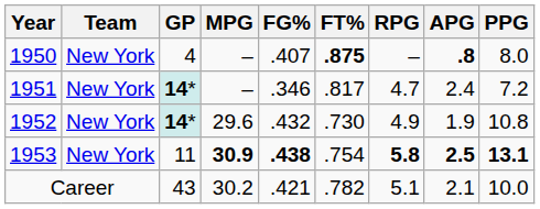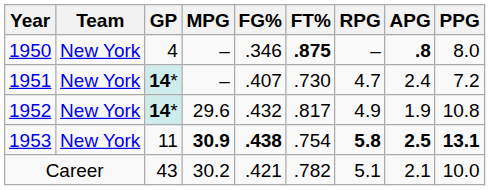 <table class="wikitable sortable" style="font-size:95%; text-align:right;">
 <tr>
 <th>Year</th>
 <th>Team</th>
 <th>GP</th>
 <th>MPG</th>
 <th>FG%</th>
 <th>FT%</th>
 <th>RPG</th>
 <th>APG</th>
 <th>PPG</th>
 </tr>
 <tr>
 <td style="text-align:left;"><a href='#'>1950</a></td>
 <td style="text-align:left;"><a href='#'>New York</a></td>
 <td>4</td>
 <td>–</td>
-<td>.407</td>
+<td>.346</td>
 <td><strong>.875</strong></td>
 <td>–</td>
 <td><strong>.8</strong></td>
 <td>8.0</td>
 </tr>
 <tr>
 <td style="text-align:left;"><a href='#'>1951</a></td>
 <td style="text-align:left;"><a href='#'>New York</a></td>
 <td bgcolor="CFECEC"><strong>14</strong>*</td>
 <td>–</td>
-<td>.346</td>
-<td>.817</td>
+<td>.407</td>
+<td>.730</td>
 <td>4.7</td>
 <td>2.4</td>
 <td>7.2</td>
 </tr>
 <tr>
 <td style="text-align:left;"><a href='#'>1952</a></td>
 <td style="text-align:left;"><a href='#'>New York</a></td>
 <td bgcolor="CFECEC"><strong>14</strong>*</td>
 <td>29.6</td>
 <td>.432</td>
-<td>.730</td>
+<td>.817</td>
 <td>4.9</td>
 <td>1.9</td>
 <td>10.8</td>
 </tr>
 <tr>
 <td style="text-align:left;"><a href='#'>1953</a></td>
 <td style="text-align:left;"><a href='#'>New York</a></td>
 <td>11</td>
 <td><strong>30.9</strong></td>
 <td><strong>.438</strong></td>
 <td>.754</td>
 <td><strong>5.8</strong></td>
 <td><strong>2.5</strong></td>
 <td><strong>13.1</strong></td>
 </tr>
 <tr class="sortbottom">
 <td style="text-align:center;" colspan="2">Career</td>
 <td>43</td>
 <td>30.2</td>
 <td>.421</td>
 <td>.782</td>
 <td>5.1</td>
 <td>2.1</td>
 <td>10.0</td>
 </tr>
 </table>
